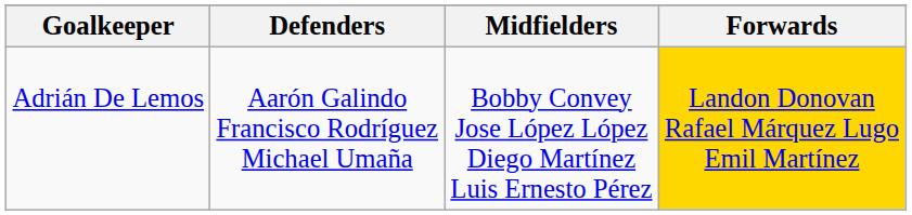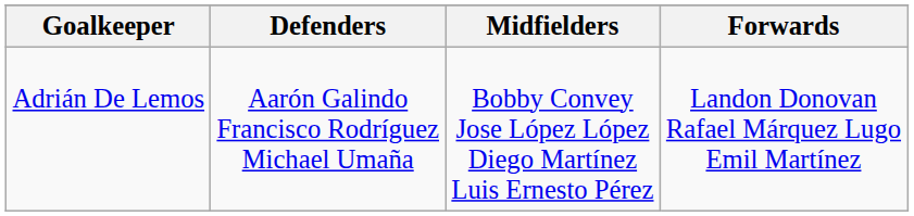 <table class="wikitable" style="text-align: center; margin: 0 auto;">
 <tr>
 </tr>
 <tr>
 <th>Goalkeeper</th>
 <th>Defenders</th>
 <th>Midfielders</th>
 <th>Forwards</th>
 </tr>
 <tr>
 <td valign=top><br> <a href='#'>Adrián De Lemos</a></td>
 <td valign=top><br> <a href='#'>Aarón Galindo</a><br>  <a href='#'>Francisco Rodríguez</a><br>  <a href='#'>Michael Umaña</a></td>
 <td valign=top><br> <a href='#'>Bobby Convey</a><br>  <a href='#'>Jose López López</a><br>  <a href='#'>Diego Martínez</a><br>  <a href='#'>Luis Ernesto Pérez</a></td>
-<td valign=top style="background: gold;"><br> <a href='#'>Landon Donovan</a><br>  <a href='#'>Rafael Márquez Lugo</a><br>  <a href='#'>Emil Martínez</a></td>
+<td valign=top><br> <a href='#'>Landon Donovan</a><br>  <a href='#'>Rafael Márquez Lugo</a><br>  <a href='#'>Emil Martínez</a></td>
 </tr>
 </table>
